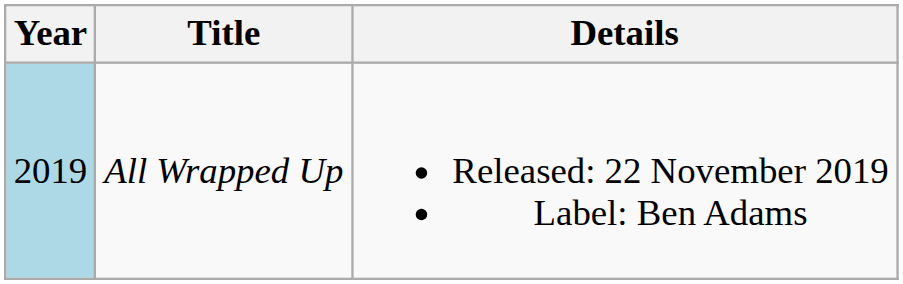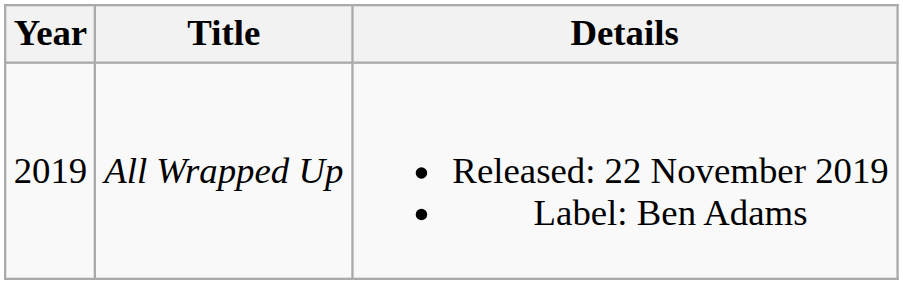 <table class="wikitable plainrowheaders" style="text-align:center;">
 <tr>
 <th scope="col" rowspan="1">Year</th>
 <th scope="col" rowspan="1">Title</th>
 <th scope="col" colspan="1">Details</th>
 </tr>
 <tr>
-<td style="background: lightblue;">2019</td>
+<td>2019</td>
 <td><em>All Wrapped Up</em></td>
 <td><br><ul><li>Released: 22 November 2019</li><li>Label: Ben Adams</li></ul></td>
 </tr>
 </table>
